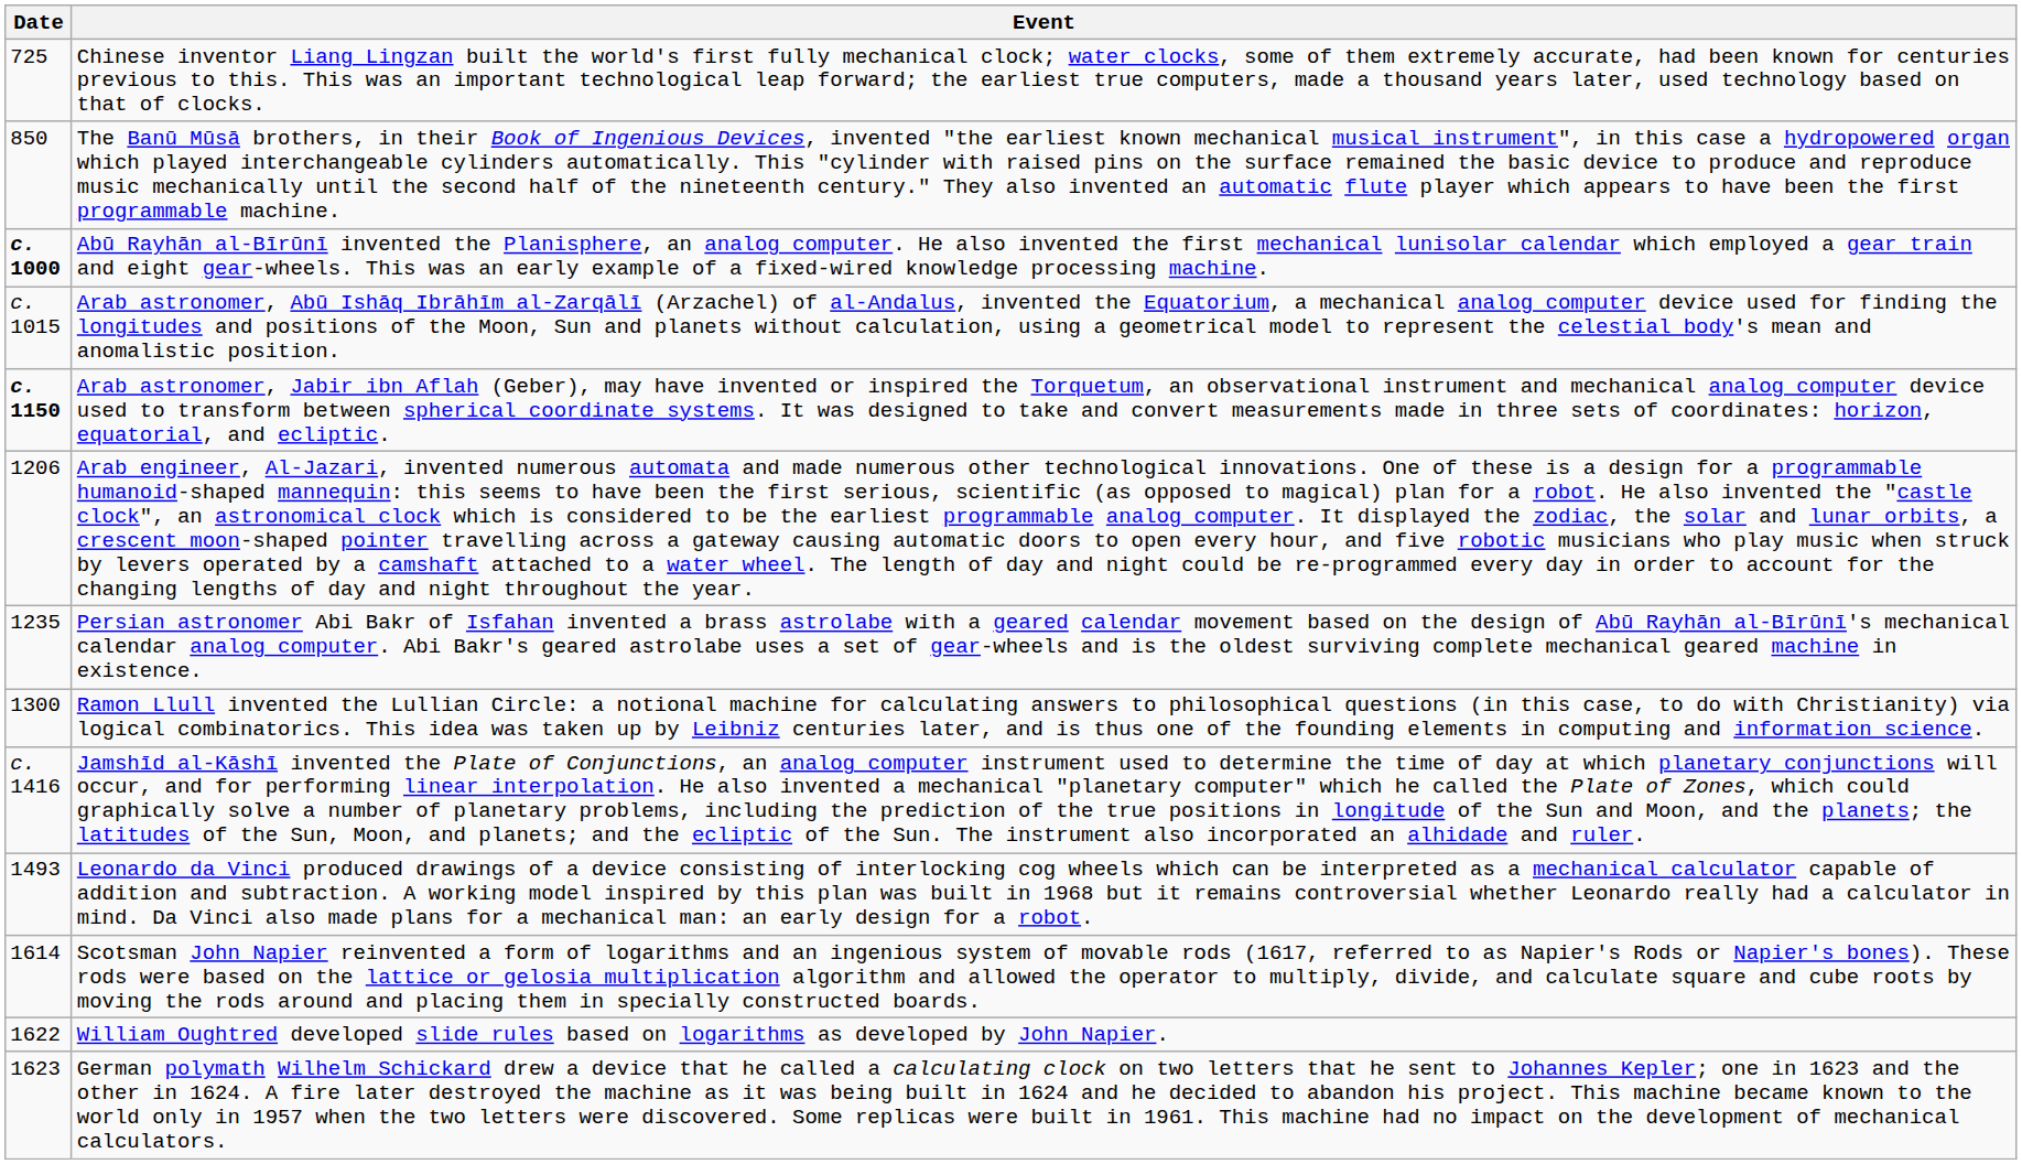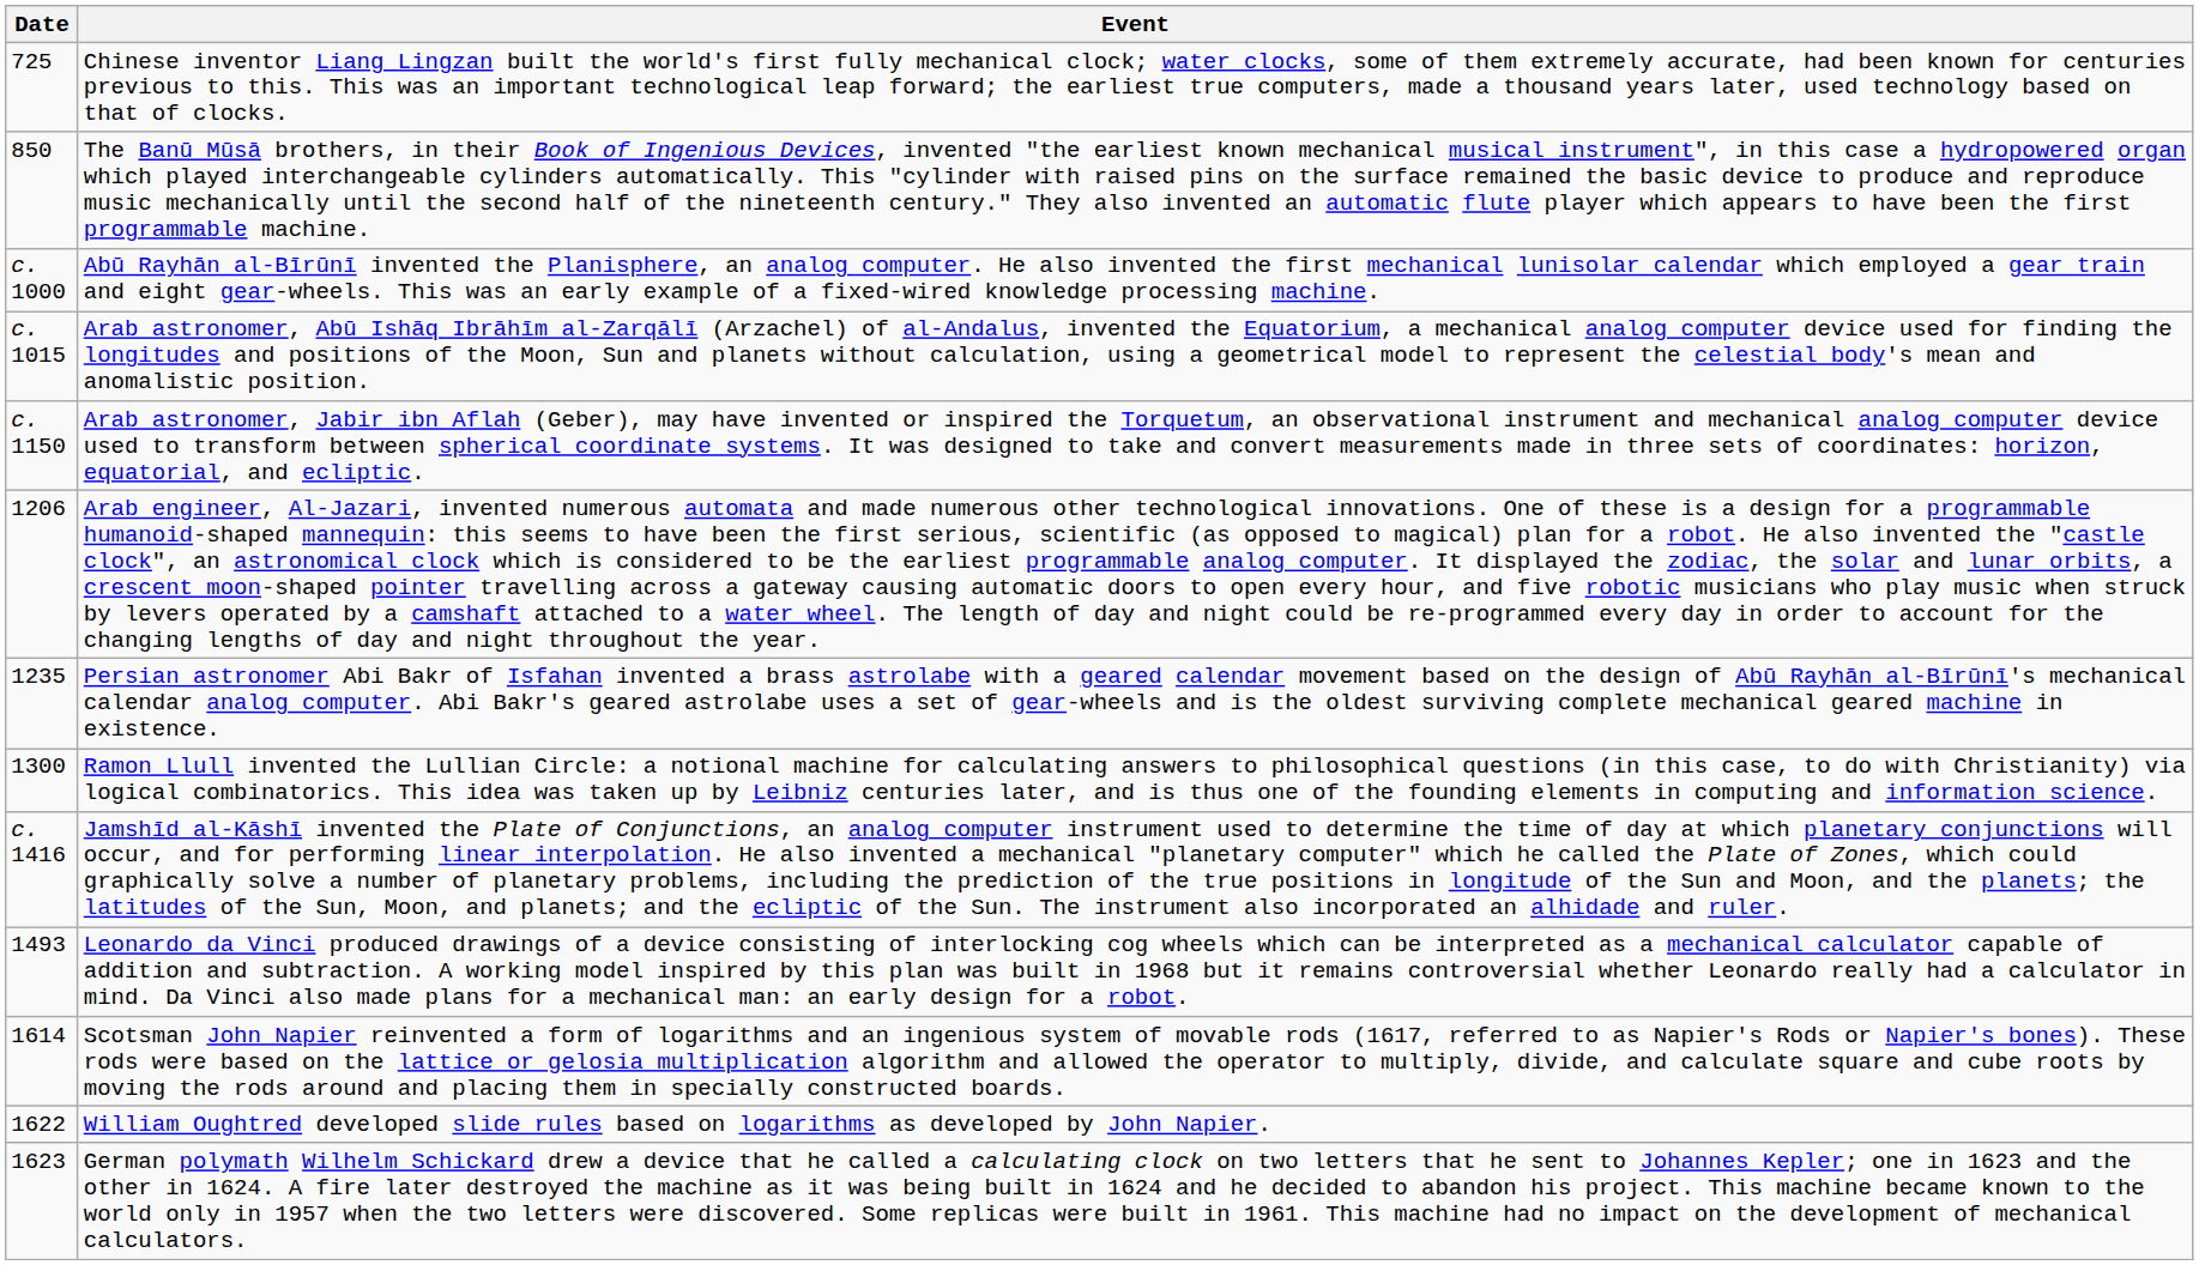 <table class="wikitable">
 <tr>
 <th>Date</th>
 <th class="unsortable">Event</th>
 </tr>
 <tr valign="top">
 <td>725</td>
 <td>Chinese inventor <a href='#'>Liang Lingzan</a> built the world's first fully mechanical clock; <a href='#'>water clocks</a>, some of them extremely accurate, had been known for centuries previous to this. This was an important technological leap forward; the earliest true computers, made a thousand years later, used technology based on that of clocks.</td>
 </tr>
 <tr valign="top">
 <td>850</td>
 <td>The <a href='#'>Banū Mūsā</a> brothers, in their <em><a href='#'>Book of Ingenious Devices</a></em>, invented "the earliest known mechanical <a href='#'>musical instrument</a>", in this case a <a href='#'>hydropowered</a> <a href='#'>organ</a> which played interchangeable cylinders automatically. This "cylinder with raised pins on the surface remained the basic device to produce and reproduce music mechanically until the second half of the nineteenth century." They also invented an <a href='#'>automatic</a> <a href='#'>flute</a> player which appears to have been the first <a href='#'>programmable</a> machine.</td>
 </tr>
 <tr valign="top">
-<td><strong><em>c.</em> 1000</strong></td>
+<td><em>c.</em> 1000</td>
 <td><a href='#'>Abū Rayhān al-Bīrūnī</a> invented the <a href='#'>Planisphere</a>, an <a href='#'>analog computer</a>. He also invented the first <a href='#'>mechanical</a> <a href='#'>lunisolar calendar</a> which employed a <a href='#'>gear train</a> and eight <a href='#'>gear</a>-wheels. This was an early example of a fixed-wired knowledge processing <a href='#'>machine</a>.</td>
 </tr>
 <tr valign="top">
 <td><em>c.</em> 1015</td>
 <td><a href='#'>Arab astronomer</a>, <a href='#'>Abū Ishāq Ibrāhīm al-Zarqālī</a> (Arzachel) of <a href='#'>al-Andalus</a>, invented the <a href='#'>Equatorium</a>, a mechanical <a href='#'>analog computer</a> device used for finding the <a href='#'>longitudes</a> and positions of the Moon, Sun and planets without calculation, using a geometrical model to represent the <a href='#'>celestial body</a>'s mean and anomalistic position.</td>
 </tr>
 <tr valign="top">
-<td><strong><em>c.</em> 1150</strong></td>
+<td><em>c.</em> 1150</td>
 <td><a href='#'>Arab astronomer</a>, <a href='#'>Jabir ibn Aflah</a> (Geber), may have invented or inspired the <a href='#'>Torquetum</a>, an observational instrument and mechanical <a href='#'>analog computer</a> device used to transform between <a href='#'>spherical coordinate systems</a>. It was designed to take and convert measurements made in three sets of coordinates: <a href='#'>horizon</a>, <a href='#'>equatorial</a>, and <a href='#'>ecliptic</a>.</td>
 </tr>
 <tr valign="top">
 <td>1206</td>
 <td><a href='#'>Arab engineer</a>, <a href='#'>Al-Jazari</a>, invented numerous <a href='#'>automata</a> and made numerous other technological innovations. One of these is a design for a <a href='#'>programmable</a> <a href='#'>humanoid</a>-shaped <a href='#'>mannequin</a>: this seems to have been the first serious, scientific (as opposed to magical) plan for a <a href='#'>robot</a>. He also invented the "<a href='#'>castle clock</a>", an <a href='#'>astronomical clock</a> which is considered to be the earliest <a href='#'>programmable</a> <a href='#'>analog computer</a>. It displayed the <a href='#'>zodiac</a>, the <a href='#'>solar</a> and <a href='#'>lunar orbits</a>, a <a href='#'>crescent moon</a>-shaped <a href='#'>pointer</a> travelling across a gateway causing automatic doors to open every hour, and five <a href='#'>robotic</a> musicians who play music when struck by levers operated by a <a href='#'>camshaft</a> attached to a <a href='#'>water wheel</a>. The length of day and night could be re-programmed every day in order to account for the changing lengths of day and night throughout the year.</td>
 </tr>
 <tr valign="top">
 <td>1235</td>
 <td><a href='#'>Persian astronomer</a> Abi Bakr of <a href='#'>Isfahan</a> invented a brass <a href='#'>astrolabe</a> with a <a href='#'>geared</a> <a href='#'>calendar</a> movement based on the design of <a href='#'>Abū Rayhān al-Bīrūnī</a>'s mechanical calendar <a href='#'>analog computer</a>. Abi Bakr's geared astrolabe uses a set of <a href='#'>gear</a>-wheels and is the oldest surviving complete mechanical geared <a href='#'>machine</a> in existence.</td>
 </tr>
 <tr valign="top">
 <td>1300</td>
 <td><a href='#'>Ramon Llull</a> invented the Lullian Circle: a notional machine for calculating answers to philosophical questions (in this case, to do with Christianity) via logical combinatorics. This idea was taken up by <a href='#'>Leibniz</a> centuries later, and is thus one of the founding elements in computing and <a href='#'>information science</a>.</td>
 </tr>
 <tr valign="top">
 <td><em>c.</em> 1416</td>
 <td><a href='#'>Jamshīd al-Kāshī</a> invented the <em>Plate of Conjunctions</em>, an <a href='#'>analog computer</a> instrument used to determine the time of day at which <a href='#'>planetary conjunctions</a> will occur, and for performing <a href='#'>linear interpolation</a>. He also invented a mechanical "planetary computer" which he called the <em>Plate of Zones</em>, which could graphically solve a number of planetary problems, including the prediction of the true positions in <a href='#'>longitude</a> of the Sun and Moon, and the <a href='#'>planets</a>; the <a href='#'>latitudes</a> of the Sun, Moon, and planets; and the <a href='#'>ecliptic</a> of the Sun. The instrument also incorporated an <a href='#'>alhidade</a> and <a href='#'>ruler</a>.</td>
 </tr>
 <tr valign="top">
 <td>1493</td>
 <td><a href='#'>Leonardo da Vinci</a> produced drawings of a device consisting of interlocking cog wheels which can be interpreted as a <a href='#'>mechanical calculator</a> capable of addition and subtraction. A working model inspired by this plan was built in 1968 but it remains controversial whether Leonardo really had a calculator in mind. Da Vinci also made plans for a mechanical man: an early design for a <a href='#'>robot</a>.</td>
 </tr>
 <tr valign="top">
 <td>1614</td>
 <td>Scotsman <a href='#'>John Napier</a> reinvented a form of logarithms and an ingenious system of movable rods (1617, referred to as Napier's Rods or <a href='#'>Napier's bones</a>). These rods were based on the <a href='#'>lattice or gelosia multiplication</a> algorithm and allowed the operator to multiply, divide, and calculate square and cube roots by moving the rods around and placing them in specially constructed boards.</td>
 </tr>
 <tr valign="top">
 <td>1622</td>
 <td><a href='#'>William Oughtred</a> developed <a href='#'>slide rules</a> based on <a href='#'>logarithms</a> as developed by <a href='#'>John Napier</a>.</td>
 </tr>
 <tr valign="top">
 <td>1623</td>
 <td>German <a href='#'>polymath</a> <a href='#'>Wilhelm Schickard</a> drew a device that he called a <em>calculating clock</em> on two letters that he sent to <a href='#'>Johannes Kepler</a>; one in 1623 and the other in 1624. A fire later destroyed the machine as it was being built in 1624 and he decided to abandon his project. This machine became known to the world only in 1957 when the two letters were discovered. Some replicas were built in 1961. This machine had no impact on the development of mechanical calculators.</td>
 </tr>
 </table>
